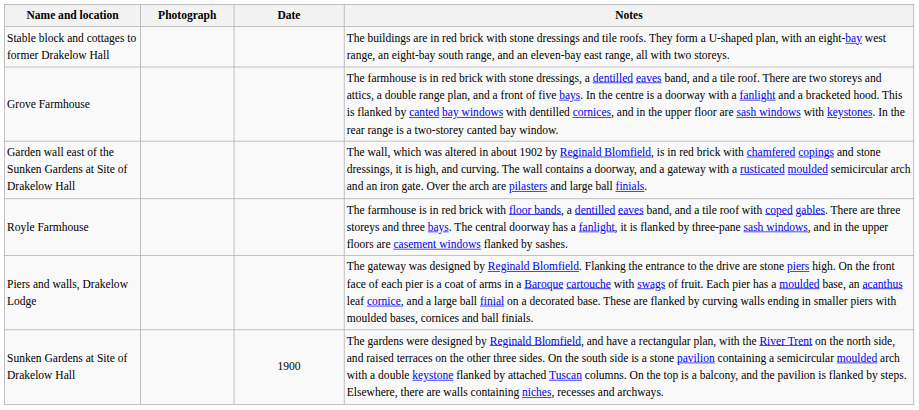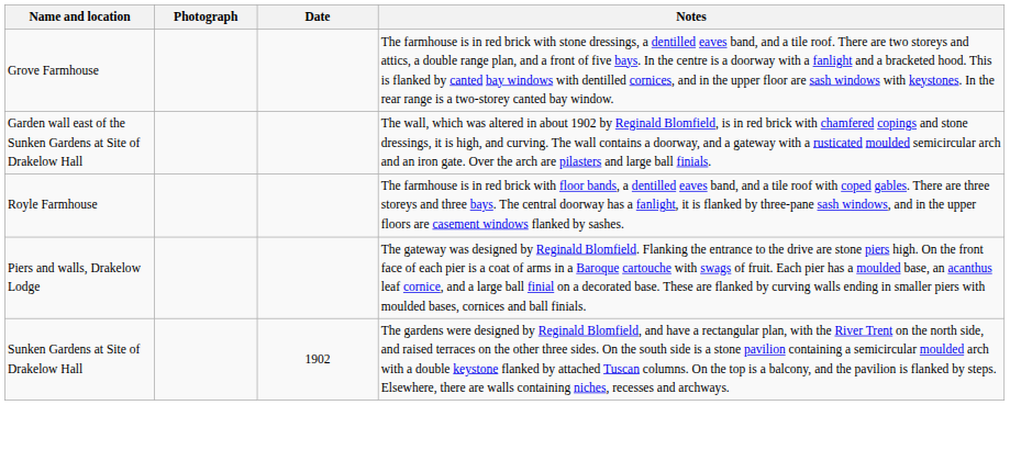 <table class="wikitable sortable plainrowheaders" style="width:100%;border:0px;text-align:left;line-height:150%;">
 <tr>
 <th scope="col"  style="width:150px">Name and location</th>
 <th scope="col"  style="width:100px" class="unsortable">Photograph</th>
 <th scope="col"  style="width:120px">Date</th>
 <th scope="col"  style="width:650px" class="unsortable">Notes</th>
-</tr>
-<tr>
-<td>Stable block and cottages to former Drakelow Hall<br><small></small></td>
-<td></td>
-<td align="center"></td>
-<td>The buildings are in red brick with stone dressings and tile roofs.  They form a U-shaped plan, with an eight-<a href='#'>bay</a> west range, an eight-bay south range, and an eleven-bay east range, all with two storeys.</td>
 </tr>
 <tr>
 <td>Grove Farmhouse<br><small></small></td>
 <td></td>
 <td align="center"></td>
 <td>The farmhouse is in red brick with stone dressings, a <a href='#'>dentilled</a> <a href='#'>eaves</a> band, and a tile roof.  There are two storeys and attics, a double range plan, and a front of five <a href='#'>bays</a>.  In the centre is a doorway with a <a href='#'>fanlight</a> and a bracketed hood.  This is flanked by <a href='#'>canted</a> <a href='#'>bay windows</a> with dentilled <a href='#'>cornices</a>, and in the upper floor are <a href='#'>sash windows</a> with <a href='#'>keystones</a>.  In the rear range is a two-storey canted bay window.</td>
 </tr>
 <tr>
 <td>Garden wall east of the Sunken Gardens at Site of Drakelow Hall<br><small></small></td>
 <td></td>
 <td align="center"></td>
 <td>The wall, which was altered in about 1902 by <a href='#'>Reginald Blomfield</a>, is in red brick with <a href='#'>chamfered</a> <a href='#'>copings</a> and stone dressings, it is  high, and curving.  The wall contains a doorway, and a gateway with a <a href='#'>rusticated</a> <a href='#'>moulded</a> semicircular arch and an iron gate.  Over the arch are <a href='#'>pilasters</a> and large ball <a href='#'>finials</a>.</td>
 </tr>
 <tr>
 <td>Royle Farmhouse<br><small></small></td>
 <td></td>
 <td align="center"></td>
 <td>The farmhouse is in red brick with <a href='#'>floor bands</a>, a <a href='#'>dentilled</a> <a href='#'>eaves</a> band, and a tile roof with <a href='#'>coped</a> <a href='#'>gables</a>.  There are three storeys and three <a href='#'>bays</a>.  The central doorway has a <a href='#'>fanlight</a>, it is flanked by three-pane <a href='#'>sash windows</a>, and in the upper floors are <a href='#'>casement windows</a> flanked by sashes.</td>
 </tr>
 <tr>
 <td>Piers and walls, Drakelow Lodge<br><small></small></td>
 <td></td>
 <td align="center"></td>
 <td>The gateway was designed by <a href='#'>Reginald Blomfield</a>.  Flanking the entrance to the drive are stone <a href='#'>piers</a>  high.  On the front face of each pier is a coat of arms in a <a href='#'>Baroque</a> <a href='#'>cartouche</a> with <a href='#'>swags</a> of fruit.  Each pier has a <a href='#'>moulded</a> base, an <a href='#'>acanthus</a> leaf <a href='#'>cornice</a>, and a large ball <a href='#'>finial</a> on a decorated base.  These are flanked by curving walls ending in smaller piers with moulded bases, cornices and ball finials.</td>
 </tr>
 <tr>
 <td>Sunken Gardens at Site of Drakelow Hall<br><small></small></td>
 <td></td>
-<td align="center">1900</td>
+<td align="center">1902</td>
 <td>The gardens were designed by <a href='#'>Reginald Blomfield</a>, and have a rectangular plan, with the <a href='#'>River Trent</a> on the north side, and raised terraces on the other three sides.  On the south side is a stone <a href='#'>pavilion</a> containing a semicircular <a href='#'>moulded</a> arch with a double <a href='#'>keystone</a> flanked by attached <a href='#'>Tuscan</a> columns.  On the top is a balcony, and the pavilion is flanked by steps.  Elsewhere, there are walls containing <a href='#'>niches</a>, recesses and archways.</td>
 </tr>
 <tr>
 </tr>
 </table>
